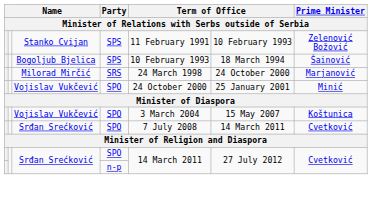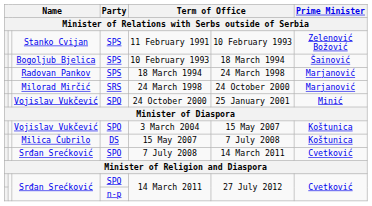 <table class="wikitable" style="text-align:center;">
 <tr>
 <th colspan=3>Name<br></th>
 <th>Party</th>
 <th colspan=2>Term of Office</th>
 <th><a href='#'>Prime Minister</a><br></th>
 </tr>
 <tr>
 <th colspan="7">Minister of Relations with Serbs outside of Serbia</th>
 </tr>
 <tr>
 <th style="background:"></th>
 <td></td>
 <td><a href='#'>Stanko Cvijan</a><br></td>
 <td><a href='#'>SPS</a></td>
 <td>11 February 1991</td>
 <td>10 February 1993</td>
 <td><a href='#'>Zelenović</a> <br><a href='#'>Božović</a> </td>
 </tr>
 <tr>
 <th style="background:"></th>
 <td></td>
 <td><a href='#'>Bogoljub Bjelica</a><br></td>
 <td><a href='#'>SPS</a></td>
 <td>10 February 1993</td>
 <td>18 March 1994</td>
 <td><a href='#'>Šainović</a> </td>
+</tr>
+<tr>
+<th style="background:"></th>
+<td></td>
+<td><a href='#'>Radovan Pankov</a><br></td>
+<td><a href='#'>SPS</a></td>
+<td>18 March 1994</td>
+<td>24 March 1998</td>
+<td><a href='#'>Marjanović</a> </td>
 </tr>
 <tr>
 <th style="background:"></th>
 <td></td>
 <td><a href='#'>Milorad Mirčić</a><br></td>
 <td><a href='#'>SRS</a></td>
 <td>24 March 1998</td>
 <td>24 October 2000</td>
 <td><a href='#'>Marjanović</a> </td>
 </tr>
 <tr>
 <th style="background:"></th>
 <td></td>
 <td><a href='#'>Vojislav Vukčević</a><br></td>
 <td><a href='#'>SPO</a></td>
 <td>24 October 2000</td>
 <td>25 January 2001</td>
 <td><a href='#'>Minić</a> </td>
 </tr>
 <tr>
 <th colspan="7">Minister of Diaspora</th>
 </tr>
 <tr>
 <th style="background:"></th>
 <td></td>
 <td><a href='#'>Vojislav Vukčević</a><br></td>
 <td><a href='#'>SPO</a></td>
 <td>3 March 2004</td>
 <td>15 May 2007</td>
 <td><a href='#'>Koštunica</a> </td>
 </tr>
 <tr>
 <th style="background:"></th>
 <td></td>
+<td><a href='#'>Milica Čubrilo</a><br></td>
+<td><a href='#'>DS</a></td>
+<td>15 May 2007</td>
+<td>7 July 2008</td>
+<td><a href='#'>Koštunica</a> </td>
+</tr>
+<tr>
+<th style="background:"></th>
+<td></td>
 <td><a href='#'>Srđan Srećković</a><br></td>
 <td><a href='#'>SPO</a></td>
 <td>7 July 2008</td>
 <td>14 March 2011</td>
 <td><a href='#'>Cvetković</a> </td>
 </tr>
 <tr>
 <th colspan="7">Minister of Religion and Diaspora</th>
 </tr>
 <tr>
 <th style="background:"></th>
 <td rowspan=2></td>
 <td rowspan=2><a href='#'>Srđan Srećković</a><br></td>
 <td><a href='#'>SPO</a></td>
 <td rowspan=2>14 March 2011</td>
 <td rowspan=2>27 July 2012</td>
 <td rowspan=2><a href='#'>Cvetković</a> </td>
 </tr>
 <tr>
 <th style="background:"></th>
 <td><a href='#'>n-p</a></td>
 </tr>
 </table>
